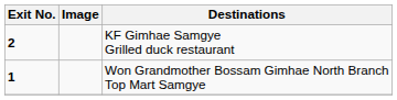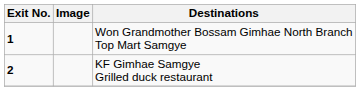 <table class="wikitable">
 <tr>
 <th>Exit No.</th>
 <th>Image</th>
 <th>Destinations</th>
 </tr>
 <tr>
+<td style="background:#"><strong>1</strong></td>
+<td></td>
+<td>Won Grandmother Bossam Gimhae North Branch<br>Top Mart Samgye</td>
+</tr>
+<tr>
 <td style="background:#"><strong>2</strong></td>
 <td></td>
 <td>KF Gimhae Samgye<br>Grilled duck restaurant</td>
 </tr>
 <tr>
-<td style="background:#"><strong>1</strong></td>
-<td></td>
-<td>Won Grandmother Bossam Gimhae North Branch<br>Top Mart Samgye</td>
-</tr>
-<tr>
 </tr>
 </table>
